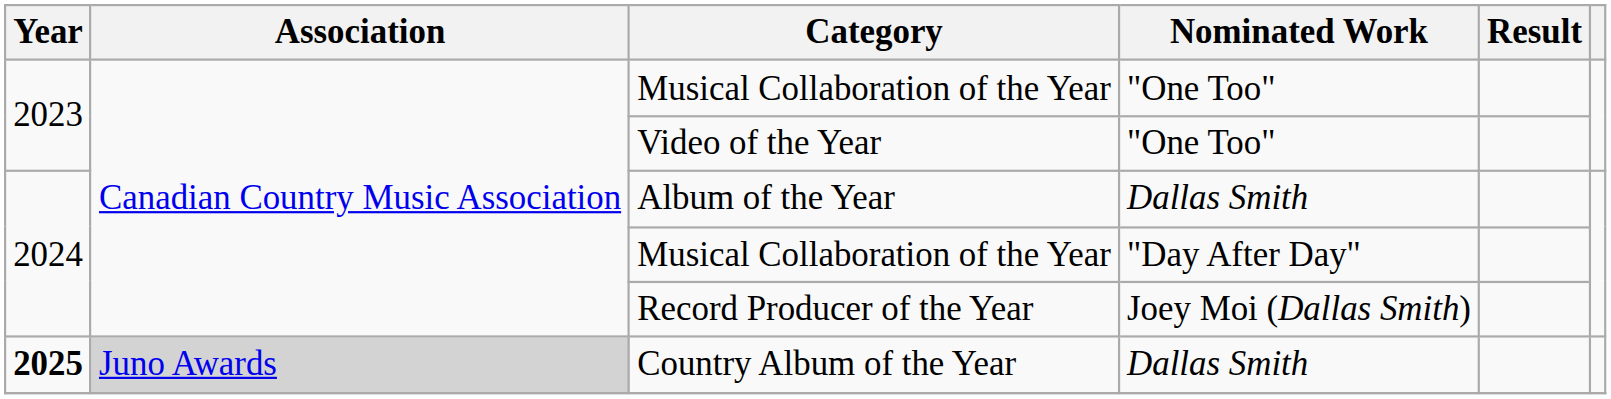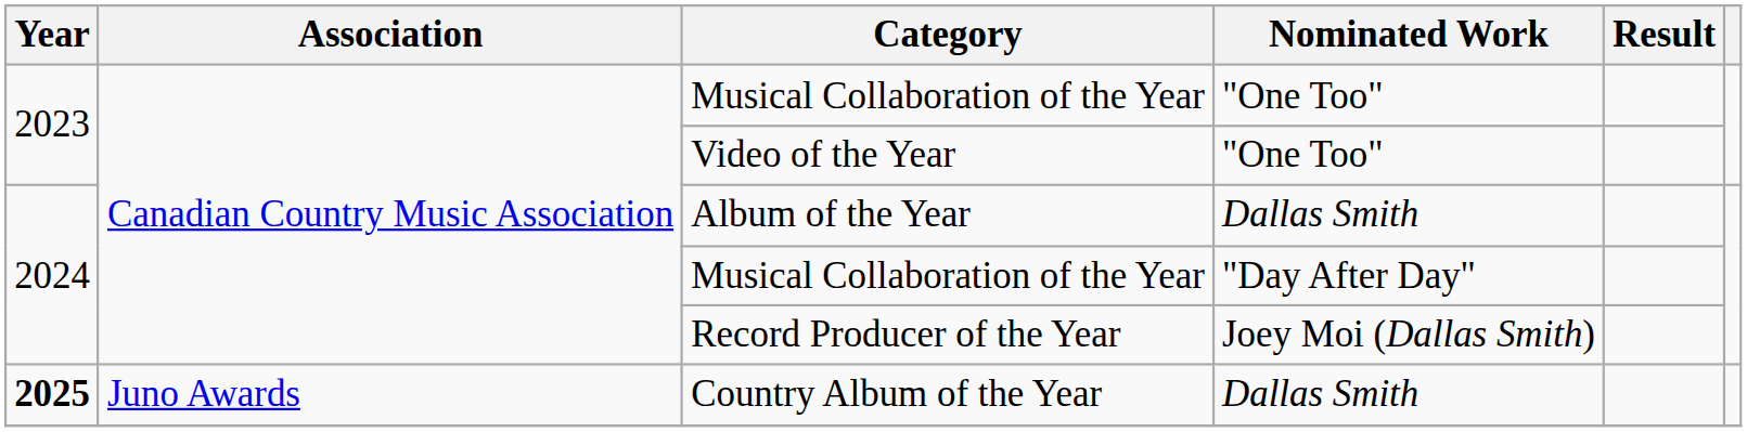 <table class="wikitable">
 <tr>
 <th>Year</th>
 <th>Association</th>
 <th>Category</th>
 <th>Nominated Work</th>
 <th>Result</th>
 <th></th>
 </tr>
 <tr>
 <td rowspan="2">2023</td>
 <td rowspan="5"><a href='#'>Canadian Country Music Association</a></td>
 <td>Musical Collaboration of the Year</td>
 <td>"One Too"</td>
 <td></td>
 <td rowspan="2"></td>
 </tr>
 <tr>
 <td>Video of the Year</td>
 <td>"One Too"</td>
 <td></td>
 </tr>
 <tr>
 <td rowspan="3">2024</td>
 <td>Album of the Year</td>
 <td><em>Dallas Smith</em></td>
 <td></td>
 <td rowspan="3"><br></td>
 </tr>
 <tr>
 <td>Musical Collaboration of the Year</td>
 <td>"Day After Day"</td>
 <td></td>
 </tr>
 <tr>
 <td>Record Producer of the Year</td>
 <td>Joey Moi (<em>Dallas Smith</em>)</td>
 <td></td>
 </tr>
 <tr>
 <td><strong>2025</strong></td>
-<td style="background: lightgrey;"><a href='#'>Juno Awards</a></td>
+<td><a href='#'>Juno Awards</a></td>
 <td>Country Album of the Year</td>
 <td><em>Dallas Smith</em></td>
 <td></td>
 <td></td>
 </tr>
 <tr>
 </tr>
 </table>
